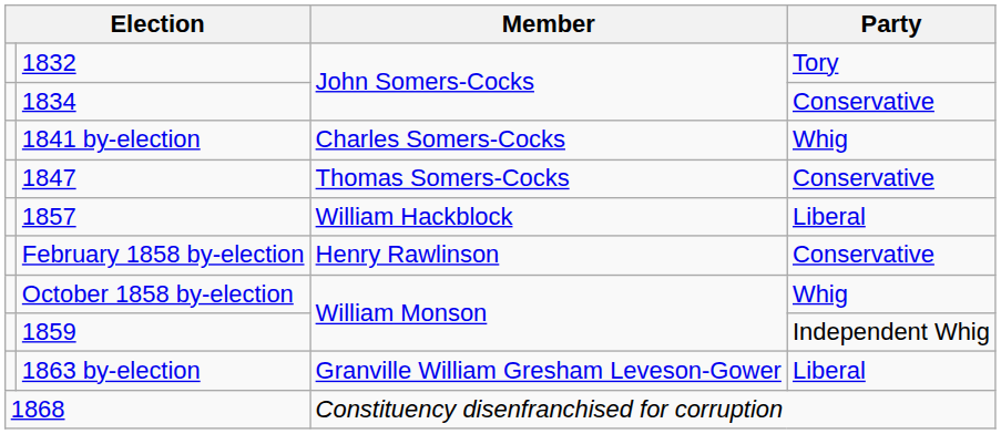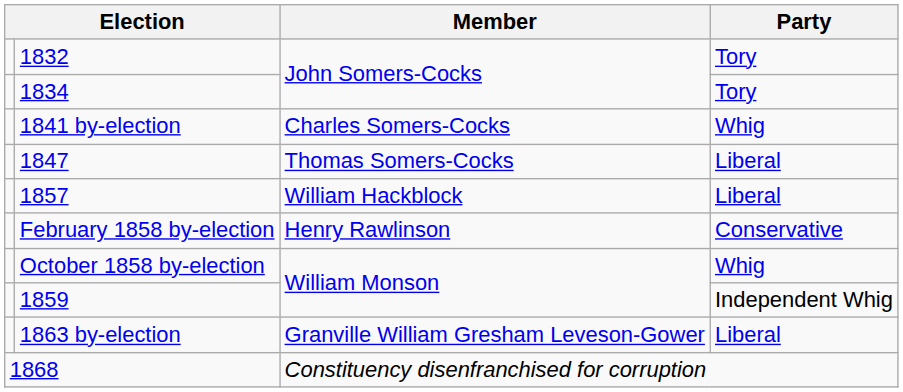 <table class="wikitable">
 <tr>
 <th colspan="2">Election</th>
 <th>Member</th>
 <th>Party</th>
 </tr>
 <tr>
 <td style="color:inherit;background-color: "></td>
 <td><a href='#'>1832</a></td>
 <td rowspan="2"><a href='#'>John Somers-Cocks</a> </td>
 <td><a href='#'>Tory</a></td>
 </tr>
 <tr>
 <td style="color:inherit;background-color: "></td>
 <td><a href='#'>1834</a></td>
-<td><a href='#'>Conservative</a></td>
+<td><a href='#'>Tory</a></td>
 </tr>
 <tr>
 <td style="color:inherit;background-color: "></td>
 <td><a href='#'>1841 by-election</a></td>
 <td><a href='#'>Charles Somers-Cocks</a> </td>
 <td><a href='#'>Whig</a></td>
 </tr>
 <tr>
 <td style="color:inherit;background-color: "></td>
 <td><a href='#'>1847</a></td>
 <td><a href='#'>Thomas Somers-Cocks</a> </td>
-<td><a href='#'>Conservative</a></td>
+<td><a href='#'>Liberal</a></td>
 </tr>
 <tr>
 <td style="color:inherit;background-color: "></td>
 <td><a href='#'>1857</a></td>
 <td><a href='#'>William Hackblock</a></td>
 <td><a href='#'>Liberal</a></td>
 </tr>
 <tr>
 <td style="color:inherit;background-color: "></td>
 <td><a href='#'>February 1858 by-election</a></td>
 <td><a href='#'>Henry Rawlinson</a> </td>
 <td><a href='#'>Conservative</a></td>
 </tr>
 <tr>
 <td style="color:inherit;background-color: "></td>
 <td><a href='#'>October 1858 by-election</a></td>
 <td rowspan="2"><a href='#'>William Monson</a> </td>
 <td><a href='#'>Whig</a></td>
 </tr>
 <tr>
 <td style="color:inherit;background-color: "></td>
 <td><a href='#'>1859</a></td>
 <td>Independent Whig</td>
 </tr>
 <tr>
 <td style="color:inherit;background-color: "></td>
 <td><a href='#'>1863 by-election</a></td>
 <td><a href='#'>Granville William Gresham Leveson-Gower</a></td>
 <td><a href='#'>Liberal</a></td>
 </tr>
 <tr>
 <td colspan="2"><a href='#'>1868</a></td>
 <td colspan="2"><em>Constituency disenfranchised for corruption</em></td>
 </tr>
 </table>
